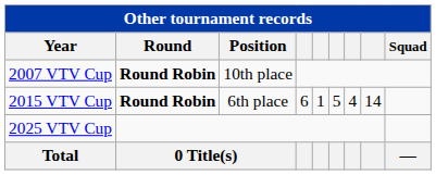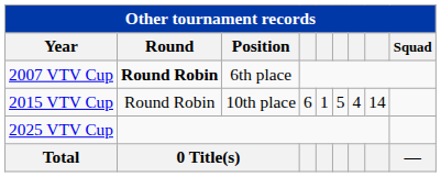 <table class="wikitable collapsible autocollapse" style="text-align: center; font-size:95%;">
 <tr>
 <th colspan=9 style="background:#0038A8; color:#FFFFFF;">Other tournament records</th>
 </tr>
 <tr>
 <th>Year</th>
 <th>Round</th>
 <th>Position</th>
 <th></th>
 <th></th>
 <th></th>
 <th></th>
 <th></th>
 <th><small>Squad</small></th>
 </tr>
 <tr>
 <td> <a href='#'>2007 VTV Cup</a></td>
 <td><strong>Round Robin</strong></td>
-<td>10th place</td>
+<td>6th place</td>
 <td colspan=6></td>
 </tr>
 <tr>
 <td> <a href='#'>2015 VTV Cup</a></td>
-<td><strong>Round Robin</strong></td>
-<td>6th place</td>
+<td>Round Robin</td>
+<td>10th place</td>
 <td>6</td>
 <td>1</td>
 <td>5</td>
 <td>4</td>
 <td>14</td>
 <td></td>
 </tr>
 <tr>
 <td> <a href='#'>2025 VTV Cup</a></td>
 <td colspan="7"></td>
 <td></td>
 </tr>
 <tr>
 <th>Total</th>
 <th colspan="2">0 Title(s)</th>
 <th></th>
 <th></th>
 <th></th>
 <th></th>
 <th></th>
 <th>—</th>
 </tr>
 </table>
